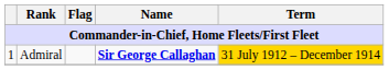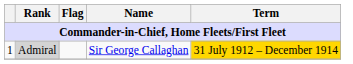 <table class="wikitable">
 <tr>
 <th></th>
 <th>Rank</th>
 <th>Flag</th>
 <th>Name</th>
 <th>Term</th>
 </tr>
 <tr>
 <td colspan="5" align="center" style="background:#dcdcfe;"><strong>Commander-in-Chief, Home Fleets/First Fleet</strong></td>
 </tr>
 <tr>
 <td>1</td>
-<td>Admiral</td>
+<td style="background: lightgrey;">Admiral</td>
 <td></td>
-<td><strong><a href='#'>Sir George Callaghan</a></strong></td>
+<td><a href='#'>Sir George Callaghan</a></td>
 <td style="background: gold;">31 July 1912 – December 1914</td>
 </tr>
 <tr>
 </tr>
 </table>
